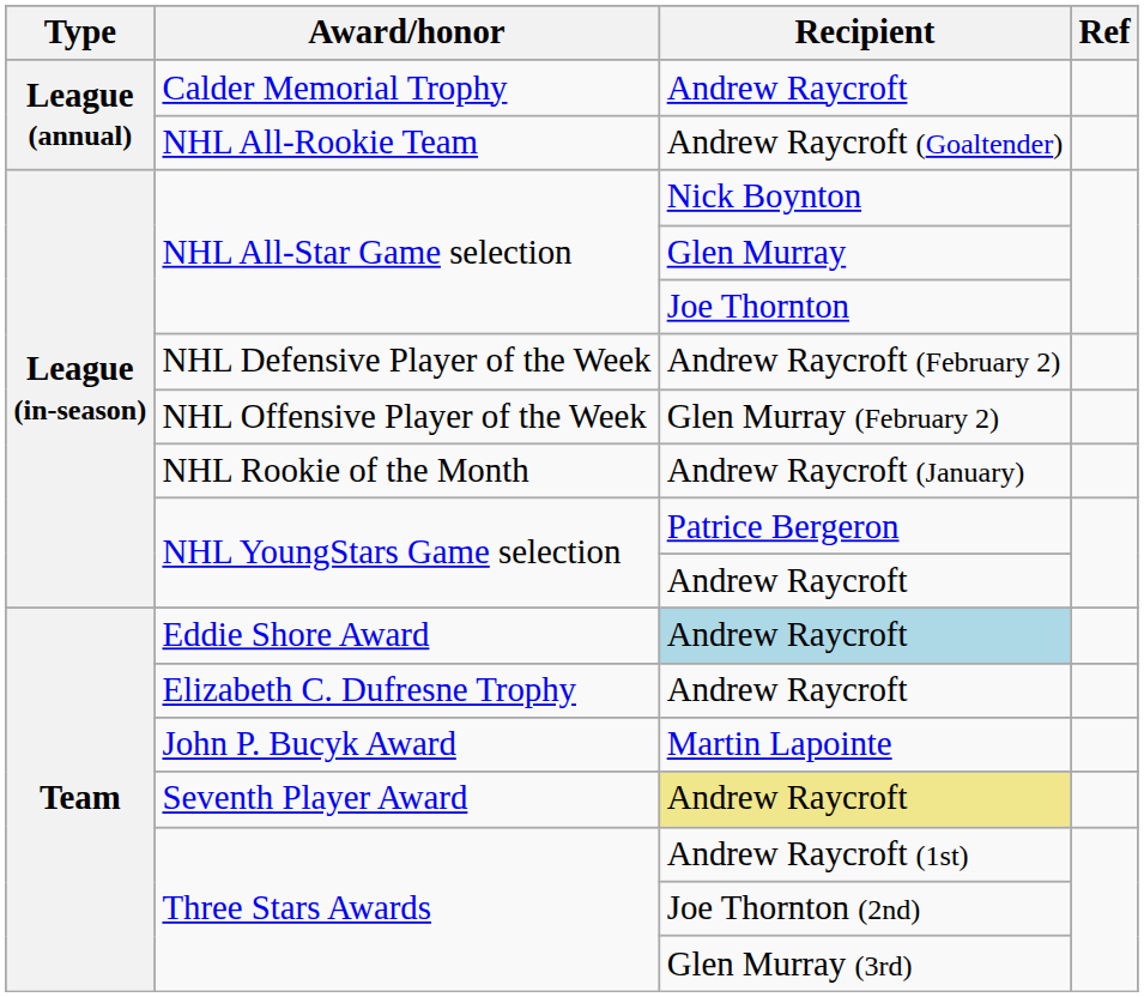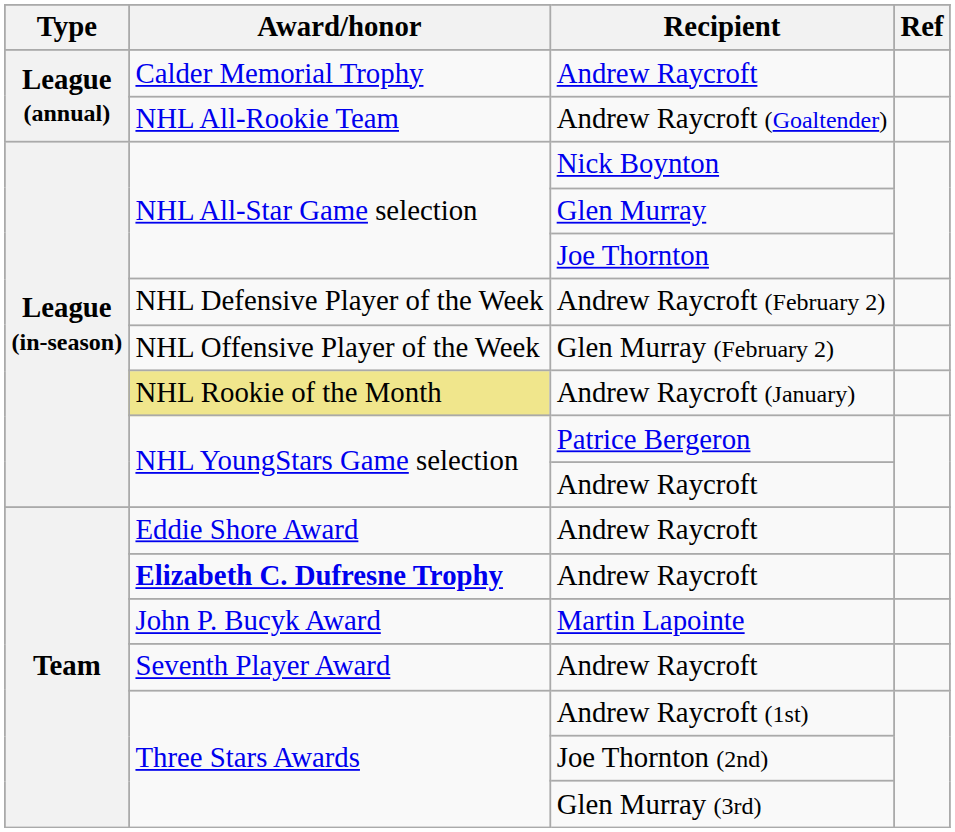 <table class="wikitable">
 <tr>
 <th scope="col">Type</th>
 <th scope="col">Award/honor</th>
 <th scope="col">Recipient</th>
 <th scope="col">Ref</th>
 </tr>
 <tr>
 <th scope="row" rowspan="2">League<br><small>(annual)</small></th>
 <td><a href='#'>Calder Memorial Trophy</a></td>
 <td><a href='#'>Andrew Raycroft</a></td>
 <td></td>
 </tr>
 <tr>
 <td><a href='#'>NHL All-Rookie Team</a></td>
 <td>Andrew Raycroft <small>(<a href='#'>Goaltender</a>)</small></td>
 <td></td>
 </tr>
 <tr>
 <th scope="row" rowspan="8">League<br><small>(in-season)</small></th>
 <td rowspan="3"><a href='#'>NHL All-Star Game</a> selection</td>
 <td><a href='#'>Nick Boynton</a></td>
 <td rowspan="3"></td>
 </tr>
 <tr>
 <td><a href='#'>Glen Murray</a></td>
 </tr>
 <tr>
 <td><a href='#'>Joe Thornton</a></td>
 </tr>
 <tr>
 <td>NHL Defensive Player of the Week</td>
 <td>Andrew Raycroft <small>(February 2)</small></td>
 <td></td>
 </tr>
 <tr>
 <td>NHL Offensive Player of the Week</td>
 <td>Glen Murray <small>(February 2)</small></td>
 <td></td>
 </tr>
 <tr>
-<td>NHL Rookie of the Month</td>
+<td style="background: khaki;">NHL Rookie of the Month</td>
 <td>Andrew Raycroft <small>(January)</small></td>
 <td></td>
 </tr>
 <tr>
 <td rowspan="2"><a href='#'>NHL YoungStars Game</a> selection</td>
 <td><a href='#'>Patrice Bergeron</a></td>
 <td rowspan="2"></td>
 </tr>
 <tr>
 <td>Andrew Raycroft</td>
 </tr>
 <tr>
 <th scope="row" rowspan="7">Team</th>
 <td><a href='#'>Eddie Shore Award</a></td>
-<td style="background: lightblue;">Andrew Raycroft</td>
+<td>Andrew Raycroft</td>
 <td></td>
 </tr>
 <tr>
-<td><a href='#'>Elizabeth C. Dufresne Trophy</a></td>
+<td><strong><a href='#'>Elizabeth C. Dufresne Trophy</a></strong></td>
 <td>Andrew Raycroft</td>
 <td></td>
 </tr>
 <tr>
 <td><a href='#'>John P. Bucyk Award</a></td>
 <td><a href='#'>Martin Lapointe</a></td>
 <td></td>
 </tr>
 <tr>
 <td><a href='#'>Seventh Player Award</a></td>
-<td style="background: khaki;">Andrew Raycroft</td>
+<td>Andrew Raycroft</td>
 <td></td>
 </tr>
 <tr>
 <td rowspan="5"><a href='#'>Three Stars Awards</a></td>
 <td>Andrew Raycroft <small>(1st)</small></td>
 <td rowspan="5"></td>
 </tr>
 <tr>
 <td>Joe Thornton <small>(2nd)</small></td>
 </tr>
 <tr>
 <td>Glen Murray <small>(3rd)</small></td>
 </tr>
 </table>
